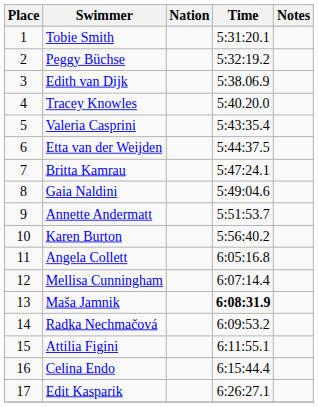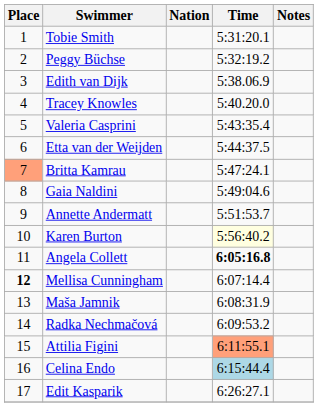 <table class="wikitable sortable" style="text-align:center">
 <tr>
 <th>Place</th>
 <th>Swimmer</th>
 <th>Nation</th>
 <th>Time</th>
 <th>Notes</th>
 </tr>
 <tr>
 <td>1</td>
 <td align=left><a href='#'>Tobie Smith</a></td>
 <td align=left></td>
 <td>5:31:20.1</td>
 <td></td>
 </tr>
 <tr>
 <td>2</td>
 <td align=left><a href='#'>Peggy Büchse</a></td>
 <td align=left></td>
 <td>5:32:19.2</td>
 <td></td>
 </tr>
 <tr>
 <td>3</td>
 <td align=left><a href='#'>Edith van Dijk</a></td>
 <td align=left></td>
 <td>5:38.06.9</td>
 <td></td>
 </tr>
 <tr>
 <td>4</td>
 <td align=left><a href='#'>Tracey Knowles</a></td>
 <td align=left></td>
 <td>5:40.20.0</td>
 <td></td>
 </tr>
 <tr>
 <td>5</td>
 <td align=left><a href='#'>Valeria Casprini</a></td>
 <td align=left></td>
 <td>5:43:35.4</td>
 <td></td>
 </tr>
 <tr>
 <td>6</td>
 <td align=left><a href='#'>Etta van der Weijden</a></td>
 <td align=left></td>
 <td>5:44:37.5</td>
 <td></td>
 </tr>
 <tr>
-<td>7</td>
+<td style="background: lightsalmon;">7</td>
 <td align=left><a href='#'>Britta Kamrau</a></td>
 <td align=left></td>
 <td>5:47:24.1</td>
 <td></td>
 </tr>
 <tr>
 <td>8</td>
 <td align=left><a href='#'>Gaia Naldini</a></td>
 <td align=left></td>
 <td>5:49:04.6</td>
 <td></td>
 </tr>
 <tr>
 <td>9</td>
 <td align=left><a href='#'>Annette Andermatt</a></td>
 <td align=left></td>
 <td>5:51:53.7</td>
 <td></td>
 </tr>
 <tr>
 <td>10</td>
 <td align=left><a href='#'>Karen Burton</a></td>
 <td align=left></td>
-<td>5:56:40.2</td>
+<td style="background: lightyellow;">5:56:40.2</td>
 <td></td>
 </tr>
 <tr>
 <td>11</td>
 <td align=left><a href='#'>Angela Collett</a></td>
 <td align=left></td>
-<td>6:05:16.8</td>
+<td><strong>6:05:16.8</strong></td>
 <td></td>
 </tr>
 <tr>
-<td>12</td>
+<td><strong>12</strong></td>
 <td align=left><a href='#'>Mellisa Cunningham</a></td>
 <td align=left></td>
 <td>6:07:14.4</td>
 <td></td>
 </tr>
 <tr>
 <td>13</td>
 <td align=left><a href='#'>Maša Jamnik</a></td>
 <td align=left></td>
-<td><strong>6:08:31.9</strong></td>
+<td>6:08:31.9</td>
 <td></td>
 </tr>
 <tr>
 <td>14</td>
 <td align=left><a href='#'>Radka Nechmačová</a></td>
 <td align=left></td>
 <td>6:09:53.2</td>
 <td></td>
 </tr>
 <tr>
 <td>15</td>
 <td align=left><a href='#'>Attilia Figini</a></td>
 <td align=left></td>
-<td>6:11:55.1</td>
+<td style="background: lightsalmon;">6:11:55.1</td>
 <td></td>
 </tr>
 <tr>
 <td>16</td>
 <td align=left><a href='#'>Celina Endo</a></td>
 <td align=left></td>
-<td>6:15:44.4</td>
+<td style="background: lightblue;">6:15:44.4</td>
 <td></td>
 </tr>
 <tr>
 <td>17</td>
 <td align=left><a href='#'>Edit Kasparik</a></td>
 <td align=left></td>
 <td>6:26:27.1</td>
 <td></td>
 </tr>
 <tr>
 </tr>
 </table>
